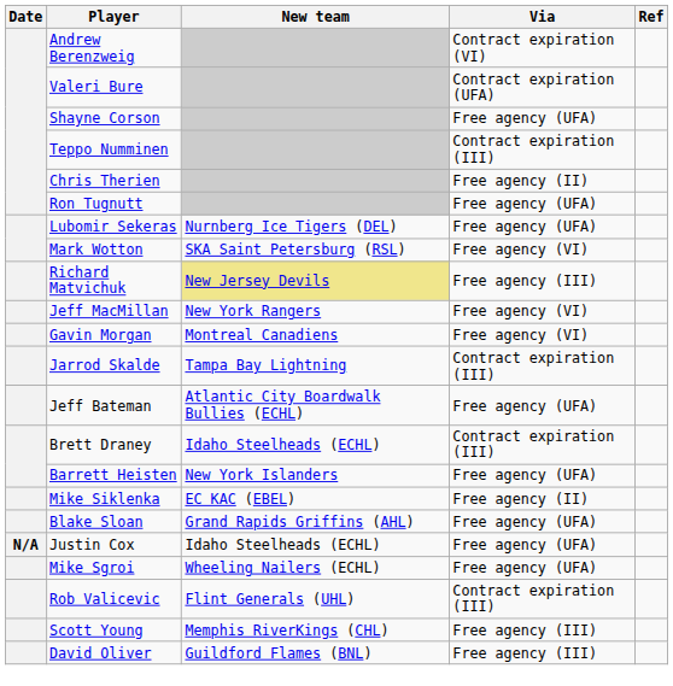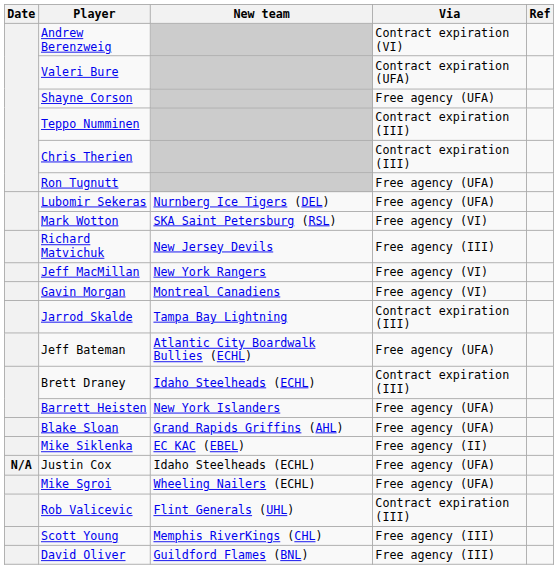 <table class="wikitable plainrowheaders">
 <tr style="background:#ddd; text-align:center;">
 <th>Date</th>
 <th>Player</th>
 <th>New team</th>
 <th>Via</th>
 <th>Ref</th>
 </tr>
 <tr>
 <th scope="row" rowspan=6></th>
 <td><a href='#'>Andrew Berenzweig</a></td>
 <td style="background:#ccc"></td>
 <td>Contract expiration (VI)</td>
 <td></td>
 </tr>
 <tr>
 <td><a href='#'>Valeri Bure</a></td>
 <td style="background:#ccc"></td>
 <td>Contract expiration (UFA)</td>
 <td></td>
 </tr>
 <tr>
 <td><a href='#'>Shayne Corson</a></td>
 <td style="background:#ccc"></td>
 <td>Free agency (UFA)</td>
 <td></td>
 </tr>
 <tr>
 <td><a href='#'>Teppo Numminen</a></td>
 <td style="background:#ccc"></td>
 <td>Contract expiration (III)</td>
 <td></td>
 </tr>
 <tr>
 <td><a href='#'>Chris Therien</a></td>
 <td style="background:#ccc"></td>
-<td>Free agency (II)</td>
+<td>Contract expiration (III)</td>
 <td></td>
 </tr>
 <tr>
 <td><a href='#'>Ron Tugnutt</a></td>
 <td style="background:#ccc"></td>
 <td>Free agency (UFA)</td>
 <td></td>
 </tr>
 <tr>
 <th scope="row" rowspan=2></th>
 <td><a href='#'>Lubomir Sekeras</a></td>
 <td><a href='#'>Nurnberg Ice Tigers</a> (<a href='#'>DEL</a>)</td>
 <td>Free agency (UFA)</td>
 <td></td>
 </tr>
 <tr>
 <td><a href='#'>Mark Wotton</a></td>
 <td><a href='#'>SKA Saint Petersburg</a> (<a href='#'>RSL</a>)</td>
 <td>Free agency (VI)</td>
 <td></td>
 </tr>
 <tr>
 <th scope="row"></th>
 <td><a href='#'>Richard Matvichuk</a></td>
-<td style="background: khaki;"><a href='#'>New Jersey Devils</a></td>
+<td><a href='#'>New Jersey Devils</a></td>
 <td>Free agency (III)</td>
 <td></td>
 </tr>
 <tr>
 <th scope="row"></th>
 <td><a href='#'>Jeff MacMillan</a></td>
 <td><a href='#'>New York Rangers</a></td>
 <td>Free agency (VI)</td>
 <td></td>
 </tr>
 <tr>
 <th scope="row"></th>
 <td><a href='#'>Gavin Morgan</a></td>
 <td><a href='#'>Montreal Canadiens</a></td>
 <td>Free agency (VI)</td>
 <td></td>
 </tr>
 <tr>
 <th scope="row"></th>
 <td><a href='#'>Jarrod Skalde</a></td>
 <td><a href='#'>Tampa Bay Lightning</a></td>
 <td>Contract expiration (III)</td>
 <td></td>
 </tr>
 <tr>
 <th scope="row"></th>
 <td>Jeff Bateman</td>
 <td><a href='#'>Atlantic City Boardwalk Bullies</a> (<a href='#'>ECHL</a>)</td>
 <td>Free agency (UFA)</td>
 <td></td>
 </tr>
 <tr>
 <th scope="row" rowspan=2></th>
 <td>Brett Draney</td>
 <td><a href='#'>Idaho Steelheads</a> (<a href='#'>ECHL</a>)</td>
 <td>Contract expiration (III)</td>
 <td></td>
 </tr>
 <tr>
 <td><a href='#'>Barrett Heisten</a></td>
 <td><a href='#'>New York Islanders</a></td>
 <td>Free agency (UFA)</td>
 <td></td>
 </tr>
 <tr>
 <th scope="row"></th>
-<td><a href='#'>Mike Siklenka</a></td>
-<td><a href='#'>EC KAC</a> (<a href='#'>EBEL</a>)</td>
-<td>Free agency (II)</td>
+<td><a href='#'>Blake Sloan</a></td>
+<td><a href='#'>Grand Rapids Griffins</a> (<a href='#'>AHL</a>)</td>
+<td>Free agency (UFA)</td>
 <td></td>
 </tr>
 <tr>
 <th scope="row"></th>
-<td><a href='#'>Blake Sloan</a></td>
-<td><a href='#'>Grand Rapids Griffins</a> (<a href='#'>AHL</a>)</td>
-<td>Free agency (UFA)</td>
+<td><a href='#'>Mike Siklenka</a></td>
+<td><a href='#'>EC KAC</a> (<a href='#'>EBEL</a>)</td>
+<td>Free agency (II)</td>
 <td></td>
 </tr>
 <tr>
 <th scope="row">N/A</th>
 <td>Justin Cox</td>
 <td>Idaho Steelheads (ECHL)</td>
 <td>Free agency (UFA)</td>
 <td></td>
 </tr>
 <tr>
 <th scope="row"></th>
 <td><a href='#'>Mike Sgroi</a></td>
 <td><a href='#'>Wheeling Nailers</a> (ECHL)</td>
 <td>Free agency (UFA)</td>
 <td></td>
 </tr>
 <tr>
 <th scope="row"></th>
 <td><a href='#'>Rob Valicevic</a></td>
 <td><a href='#'>Flint Generals</a> (<a href='#'>UHL</a>)</td>
 <td>Contract expiration (III)</td>
 <td></td>
 </tr>
 <tr>
 <th scope="row"></th>
 <td><a href='#'>Scott Young</a></td>
 <td><a href='#'>Memphis RiverKings</a> (<a href='#'>CHL</a>)</td>
 <td>Free agency (III)</td>
 <td></td>
 </tr>
 <tr>
 <th scope="row"></th>
 <td><a href='#'>David Oliver</a></td>
 <td><a href='#'>Guildford Flames</a> (<a href='#'>BNL</a>)</td>
 <td>Free agency (III)</td>
 <td></td>
 </tr>
 </table>
